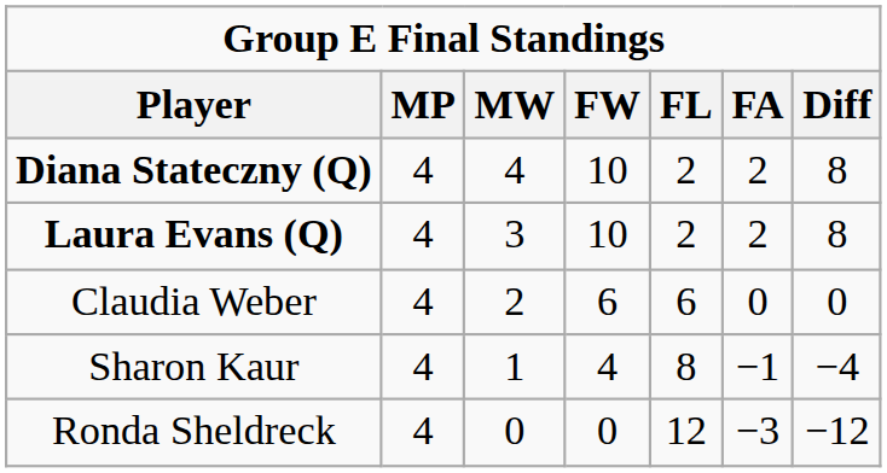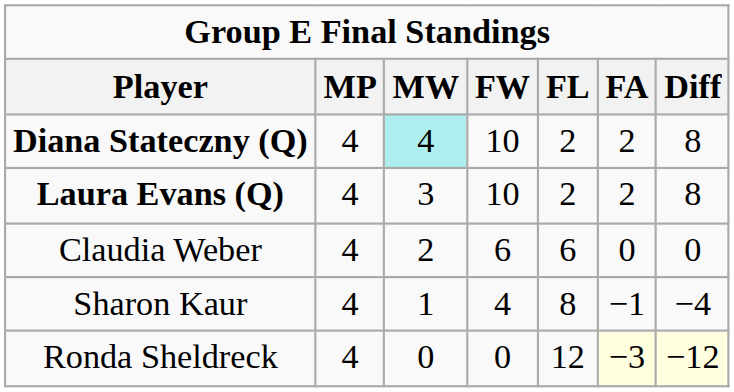 <table class="wikitable" style="text-align: center; display: inline-table;">
 <tr>
 <td colspan="7"><strong>Group E Final Standings</strong></td>
 </tr>
 <tr>
 <th>Player</th>
 <th>MP</th>
 <th>MW</th>
 <th>FW</th>
 <th>FL</th>
 <th>FA</th>
 <th>Diff</th>
 </tr>
 <tr>
 <td> <strong>Diana Stateczny (Q)</strong></td>
 <td>4</td>
-<td>4</td>
+<td style="background: paleturquoise;">4</td>
 <td>10</td>
 <td>2</td>
 <td>2</td>
 <td>8</td>
 </tr>
 <tr>
 <td> <strong>Laura Evans (Q)</strong></td>
 <td>4</td>
 <td>3</td>
 <td>10</td>
 <td>2</td>
 <td>2</td>
 <td>8</td>
 </tr>
 <tr>
 <td> Claudia Weber</td>
 <td>4</td>
 <td>2</td>
 <td>6</td>
 <td>6</td>
 <td>0</td>
 <td>0</td>
 </tr>
 <tr>
 <td> Sharon Kaur</td>
 <td>4</td>
 <td>1</td>
 <td>4</td>
 <td>8</td>
 <td>−1</td>
 <td>−4</td>
 </tr>
 <tr>
 <td> Ronda Sheldreck</td>
 <td>4</td>
 <td>0</td>
 <td>0</td>
 <td>12</td>
-<td>−3</td>
-<td>−12</td>
+<td style="background: lightyellow;">−3</td>
+<td style="background: lightyellow;">−12</td>
 </tr>
 </table>
